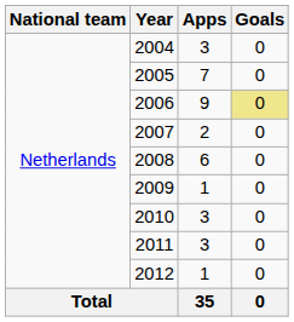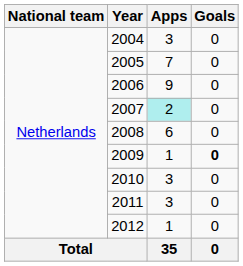 <table class="wikitable" style="text-align:center">
 <tr>
 <th>National team</th>
 <th>Year</th>
 <th>Apps</th>
 <th>Goals</th>
 </tr>
 <tr>
 <td rowspan="9"><a href='#'>Netherlands</a></td>
 <td>2004</td>
 <td>3</td>
 <td>0</td>
 </tr>
 <tr>
 <td>2005</td>
 <td>7</td>
 <td>0</td>
 </tr>
 <tr>
 <td>2006</td>
 <td>9</td>
-<td style="background: khaki;">0</td>
+<td>0</td>
 </tr>
 <tr>
 <td>2007</td>
-<td>2</td>
+<td style="background: paleturquoise;">2</td>
 <td>0</td>
 </tr>
 <tr>
 <td>2008</td>
 <td>6</td>
 <td>0</td>
 </tr>
 <tr>
 <td>2009</td>
 <td>1</td>
-<td>0</td>
+<td><strong>0</strong></td>
 </tr>
 <tr>
 <td>2010</td>
 <td>3</td>
 <td>0</td>
 </tr>
 <tr>
 <td>2011</td>
 <td>3</td>
 <td>0</td>
 </tr>
 <tr>
 <td>2012</td>
 <td>1</td>
 <td>0</td>
 </tr>
 <tr>
 <th colspan="2">Total</th>
 <th>35</th>
 <th>0</th>
 </tr>
 </table>
